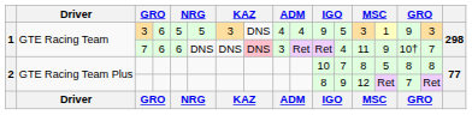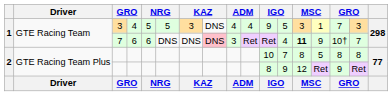 <table align=left| class="wikitable" style="font-size: 85%; text-align: center">
 <tr valign="top">
 <th valign="middle"></th>
 <th valign="middle">Driver</th>
 <th colspan=2><a href='#'>GRO</a></th>
 <th colspan=2><a href='#'>NRG</a></th>
 <th colspan=2><a href='#'>KAZ</a></th>
 <th colspan=2><a href='#'>ADM</a></th>
 <th colspan=2><a href='#'>IGO</a></th>
 <th colspan=2><a href='#'>MSC</a></th>
 <th colspan=2><a href='#'>GRO</a></th>
 <th valign="middle"></th>
 </tr>
 <tr>
 <th rowspan="2">1</th>
 <td rowspan="2" align=left>GTE Racing Team</td>
 <td style="background:#ffdf9f;"> 3 </td>
-<td style="background:#dfffdf;"> 6 </td>
+<td style="background:#dfffdf;"> 4 </td>
 <td style="background:#dfffdf;"> 5 </td>
 <td style="background:#dfffdf;"> 5 </td>
 <td style="background:#ffdf9f;"> 3 </td>
 <td>DNS</td>
 <td style="background:#dfffdf;"> 4 </td>
 <td style="background:#dfffdf;"> 4 </td>
 <td style="background:#dfffdf;">9</td>
 <td style="background:#dfffdf;"> 5 </td>
 <td style="background:#ffdf9f;">3</td>
 <td style="background:#ffffbf;">1</td>
-<td style="background:#dfffdf;">9</td>
+<td style="background:#dfffdf;">7</td>
 <td style="background:#ffdf9f;">3</td>
 <th rowspan="2">298</th>
 </tr>
 <tr>
 <td style="background:#dfffdf;">7</td>
 <td style="background:#dfffdf;">6</td>
 <td style="background:#dfffdf;"> 6 </td>
 <td>DNS</td>
 <td>DNS</td>
 <td style="background: pink;">DNS</td>
 <td style="background:#dfffdf;"> 3 </td>
 <td style="background:#efcfff;">Ret</td>
 <td style="background:#efcfff;">Ret</td>
 <td style="background:#dfffdf;">4</td>
-<td style="background:#dfffdf;"> 11 </td>
+<td style="background:#dfffdf;"><strong> 11 </strong></td>
 <td style="background:#dfffdf;"> 9 </td>
 <td style="background:#dfffdf;">10†</td>
 <td style="background:#dfffdf;">7</td>
 </tr>
 <tr>
 <th rowspan="2">2</th>
 <td rowspan="2" align=left>GTE Racing Team Plus</td>
 <td></td>
 <td></td>
 <td></td>
 <td></td>
 <td></td>
 <td></td>
 <td></td>
 <td></td>
 <td style="background:#dfffdf;">10</td>
 <td style="background:#dfffdf;">7</td>
 <td style="background:#dfffdf;">8</td>
 <td style="background:#dfffdf;">5</td>
 <td style="background:#dfffdf;">8</td>
 <td style="background:#dfffdf;">8</td>
 <th rowspan="2">77</th>
 </tr>
 <tr>
 <td></td>
 <td></td>
 <td></td>
 <td></td>
 <td></td>
 <td></td>
 <td></td>
 <td></td>
 <td style="background:#dfffdf;">8</td>
 <td style="background:#dfffdf;">9</td>
 <td style="background:#dfffdf;">12</td>
 <td style="background:#efcfff;">Ret</td>
-<td style="background:#dfffdf;">7</td>
+<td style="background:#dfffdf;">9</td>
 <td style="background:#efcfff;">Ret</td>
 </tr>
 <tr>
 <th valign="middle"></th>
 <th valign="middle">Driver</th>
 <th colspan=2><a href='#'>GRO</a></th>
 <th colspan=2><a href='#'>NRG</a></th>
 <th colspan=2><a href='#'>KAZ</a></th>
 <th colspan=2><a href='#'>ADM</a></th>
 <th colspan=2><a href='#'>IGO</a></th>
 <th colspan=2><a href='#'>MSC</a></th>
 <th colspan=2><a href='#'>GRO</a></th>
 <th valign="middle"></th>
 </tr>
 </table>
